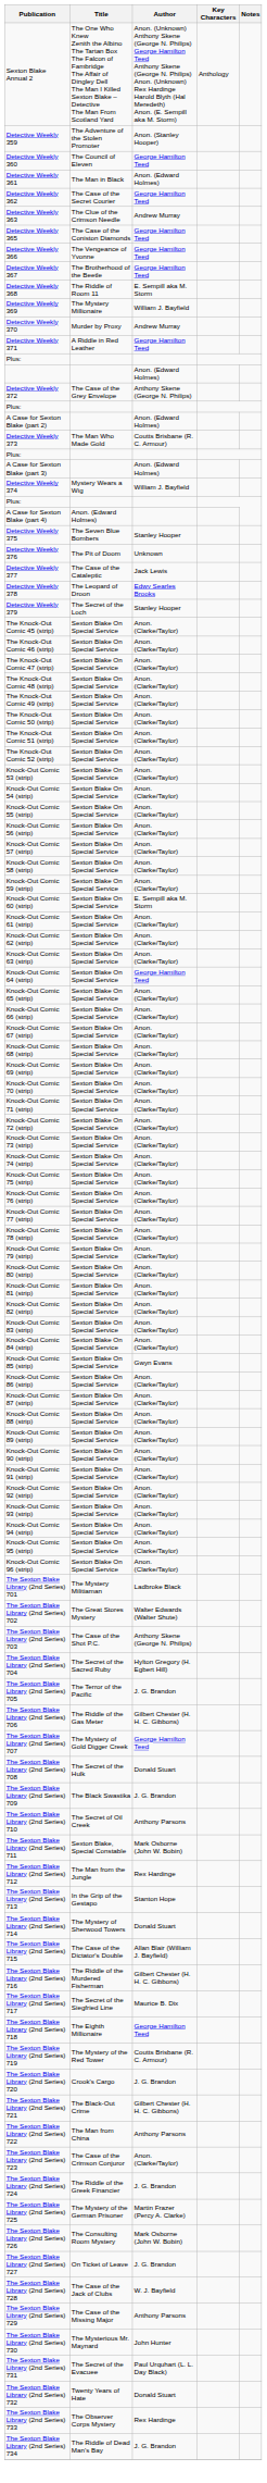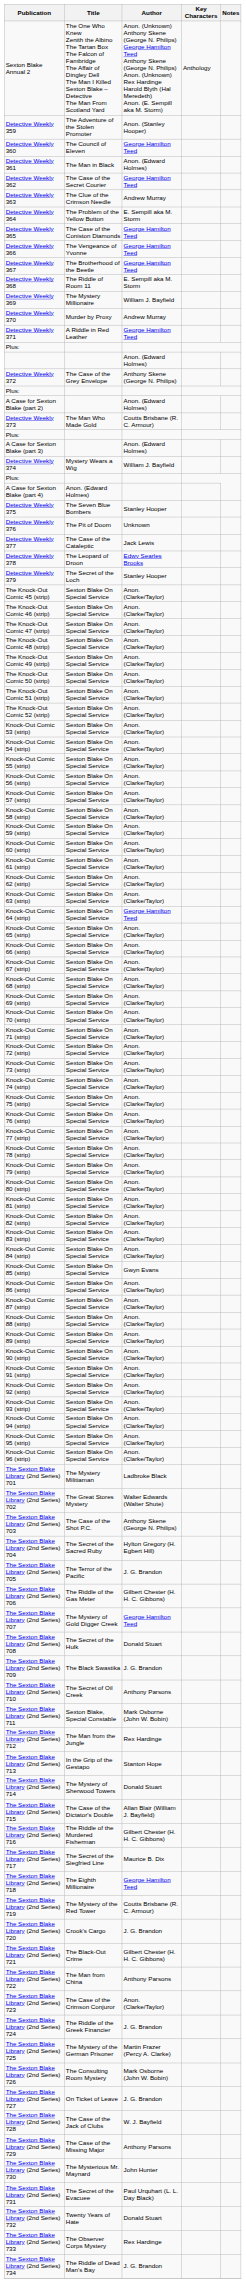 <table class="wikitable">
 <tr>
 <th>Publication</th>
 <th>Title</th>
 <th>Author</th>
 <th>Key Characters</th>
 <th>Notes</th>
 </tr>
 <tr>
 <td>Sexton Blake Annual 2</td>
 <td>The One Who Knew <br> Zenith the Albino <br> The Tartan Box <br> The Falcon of Fambridge <br> The Affair of Dingley Dell <br> The Man I Killed <br> Sexton Blake – Detective <br> The Man From Scotland Yard <br></td>
 <td>Anon. (Unknown) <br> Anthony Skene (George N. Philips) <br> <a href='#'>George Hamilton Teed</a> <br> Anthony Skene (George N. Philips) <br> Anon. (Unknown) <br> Rex Hardinge <br> Harold Blyth (Hal Meredeth) <br> Anon. (E. Sempill aka M. Storm)</td>
 <td>Anthology</td>
 <td></td>
 </tr>
 <tr>
 <td><a href='#'>Detective Weekly</a> 359</td>
 <td>The Adventure of the Stolen Promoter</td>
 <td>Anon. (Stanley Hooper)</td>
 <td></td>
 <td></td>
 </tr>
 <tr>
 <td><a href='#'>Detective Weekly</a> 360</td>
 <td>The Council of Eleven</td>
 <td><a href='#'>George Hamilton Teed</a></td>
 <td></td>
 <td></td>
 </tr>
 <tr>
 <td><a href='#'>Detective Weekly</a> 361</td>
 <td>The Man in Black</td>
 <td>Anon. (Edward Holmes)</td>
 <td></td>
 <td></td>
 </tr>
 <tr>
 <td><a href='#'>Detective Weekly</a> 362</td>
 <td>The Case of the Secret Courier</td>
 <td><a href='#'>George Hamilton Teed</a></td>
 <td></td>
 <td></td>
 </tr>
 <tr>
 <td><a href='#'>Detective Weekly</a> 363</td>
 <td>The Clue of the Crimson Needle</td>
 <td>Andrew Murray</td>
+<td></td>
+<td></td>
+</tr>
+<tr>
+<td><a href='#'>Detective Weekly</a> 364</td>
+<td>The Problem of the Yellow Button</td>
+<td>E. Sempill aka M. Storm</td>
 <td></td>
 <td></td>
 </tr>
 <tr>
 <td><a href='#'>Detective Weekly</a> 365</td>
 <td>The Case of the Coniston Diamonds</td>
 <td><a href='#'>George Hamilton Teed</a></td>
 <td></td>
 <td></td>
 </tr>
 <tr>
 <td><a href='#'>Detective Weekly</a> 366</td>
 <td>The Vengeance of Yvonne</td>
 <td><a href='#'>George Hamilton Teed</a></td>
 <td></td>
 <td></td>
 </tr>
 <tr>
 <td><a href='#'>Detective Weekly</a> 367</td>
 <td>The Brotherhood of the Beetle</td>
 <td><a href='#'>George Hamilton Teed</a></td>
 <td></td>
 <td></td>
 </tr>
 <tr>
 <td><a href='#'>Detective Weekly</a> 368</td>
 <td>The Riddle of Room 11</td>
 <td>E. Sempill aka M. Storm</td>
 <td></td>
 <td></td>
 </tr>
 <tr>
 <td><a href='#'>Detective Weekly</a> 369</td>
 <td>The Mystery Millionaire</td>
 <td>William J. Bayfield</td>
 <td></td>
 <td></td>
 </tr>
 <tr>
 <td><a href='#'>Detective Weekly</a> 370</td>
 <td>Murder by Proxy</td>
 <td>Andrew Murray</td>
 <td></td>
 <td></td>
 </tr>
 <tr>
 <td><a href='#'>Detective Weekly</a> 371</td>
 <td>A Riddle in Red Leather</td>
 <td><a href='#'>George Hamilton Teed</a></td>
 <td></td>
 <td></td>
 </tr>
 <tr>
 <td>Plus:</td>
 <td></td>
 <td></td>
 </tr>
 <tr>
 <td></td>
 <td></td>
 <td>Anon. (Edward Holmes)</td>
 <td></td>
 <td></td>
 </tr>
 <tr>
 <td><a href='#'>Detective Weekly</a> 372</td>
 <td>The Case of the Grey Envelope</td>
 <td>Anthony Skene (George N. Philips)</td>
 <td></td>
 <td></td>
 </tr>
 <tr>
 <td>Plus:</td>
 <td></td>
 <td></td>
 </tr>
 <tr>
 <td>A Case for Sexton Blake (part 2)</td>
 <td></td>
 <td>Anon. (Edward Holmes)</td>
 <td></td>
 <td></td>
 </tr>
 <tr>
 <td><a href='#'>Detective Weekly</a> 373</td>
 <td>The Man Who Made Gold</td>
 <td>Coutts Brisbane (R. C. Armour)</td>
 <td></td>
 <td></td>
 </tr>
 <tr>
 <td>Plus:</td>
 <td></td>
 <td></td>
 </tr>
 <tr>
 <td>A Case for Sexton Blake (part 3)</td>
 <td></td>
 <td>Anon. (Edward Holmes)</td>
 <td></td>
 <td></td>
 </tr>
 <tr>
 <td><a href='#'>Detective Weekly</a> 374</td>
 <td>Mystery Wears a Wig</td>
 <td>William J. Bayfield</td>
 <td></td>
 <td></td>
 </tr>
 <tr>
 <td>Plus:</td>
 <td></td>
 <td></td>
 </tr>
 <tr>
 <td>A Case for Sexton Blake (part 4)</td>
 <td>Anon. (Edward Holmes)</td>
 <td></td>
 <td></td>
 </tr>
 <tr>
 <td><a href='#'>Detective Weekly</a> 375</td>
 <td>The Seven Blue Bombers</td>
 <td>Stanley Hooper</td>
 <td></td>
 <td></td>
 </tr>
 <tr>
 <td><a href='#'>Detective Weekly</a> 376</td>
 <td>The Pit of Doom</td>
 <td>Unknown</td>
 <td></td>
 <td></td>
 </tr>
 <tr>
 <td><a href='#'>Detective Weekly</a> 377</td>
 <td>The Case of the Cataleptic</td>
 <td>Jack Lewis</td>
 <td></td>
 <td></td>
 </tr>
 <tr>
 <td><a href='#'>Detective Weekly</a> 378</td>
 <td>The Leopard of Droon</td>
 <td><a href='#'>Edwy Searles Brooks</a></td>
 <td></td>
 <td></td>
 </tr>
 <tr>
 <td><a href='#'>Detective Weekly</a> 379</td>
 <td>The Secret of the Loch</td>
 <td>Stanley Hooper</td>
 <td></td>
 <td></td>
 </tr>
 <tr>
 <td>The Knock-Out Comic 45 (strip)</td>
 <td>Sexton Blake On Special Service</td>
 <td>Anon. (Clarke/Taylor)</td>
 <td></td>
 <td></td>
 </tr>
 <tr>
 <td>The Knock-Out Comic 46 (strip)</td>
 <td>Sexton Blake On Special Service</td>
 <td>Anon. (Clarke/Taylor)</td>
 <td></td>
 <td></td>
 </tr>
 <tr>
 <td>The Knock-Out Comic 47 (strip)</td>
 <td>Sexton Blake On Special Service</td>
 <td>Anon. (Clarke/Taylor)</td>
 <td></td>
 <td></td>
 </tr>
 <tr>
 <td>The Knock-Out Comic 48 (strip)</td>
 <td>Sexton Blake On Special Service</td>
 <td>Anon. (Clarke/Taylor)</td>
 <td></td>
 <td></td>
 </tr>
 <tr>
 <td>The Knock-Out Comic 49 (strip)</td>
 <td>Sexton Blake On Special Service</td>
 <td>Anon. (Clarke/Taylor)</td>
 <td></td>
 <td></td>
 </tr>
 <tr>
 <td>The Knock-Out Comic 50 (strip)</td>
 <td>Sexton Blake On Special Service</td>
 <td>Anon. (Clarke/Taylor)</td>
 <td></td>
 <td></td>
 </tr>
 <tr>
 <td>The Knock-Out Comic 51 (strip)</td>
 <td>Sexton Blake On Special Service</td>
 <td>Anon. (Clarke/Taylor)</td>
 <td></td>
 <td></td>
 </tr>
 <tr>
 <td>The Knock-Out Comic 52 (strip)</td>
 <td>Sexton Blake On Special Service</td>
 <td>Anon. (Clarke/Taylor)</td>
 <td></td>
 <td></td>
 </tr>
 <tr>
 <td>Knock-Out Comic 53 (strip)</td>
 <td>Sexton Blake On Special Service</td>
 <td>Anon. (Clarke/Taylor)</td>
 <td></td>
 <td></td>
 </tr>
 <tr>
 <td>Knock-Out Comic 54 (strip)</td>
 <td>Sexton Blake On Special Service</td>
 <td>Anon. (Clarke/Taylor)</td>
 <td></td>
 <td></td>
 </tr>
 <tr>
 <td>Knock-Out Comic 55 (strip)</td>
 <td>Sexton Blake On Special Service</td>
 <td>Anon. (Clarke/Taylor)</td>
 <td></td>
 <td></td>
 </tr>
 <tr>
 <td>Knock-Out Comic 56 (strip)</td>
 <td>Sexton Blake On Special Service</td>
 <td>Anon. (Clarke/Taylor)</td>
 <td></td>
 <td></td>
 </tr>
 <tr>
 <td>Knock-Out Comic 57 (strip)</td>
 <td>Sexton Blake On Special Service</td>
 <td>Anon. (Clarke/Taylor)</td>
 <td></td>
 <td></td>
 </tr>
 <tr>
 <td>Knock-Out Comic 58 (strip)</td>
 <td>Sexton Blake On Special Service</td>
 <td>Anon. (Clarke/Taylor)</td>
 <td></td>
 <td></td>
 </tr>
 <tr>
 <td>Knock-Out Comic 59 (strip)</td>
 <td>Sexton Blake On Special Service</td>
 <td>Anon. (Clarke/Taylor)</td>
 <td></td>
 <td></td>
 </tr>
 <tr>
 <td>Knock-Out Comic 60 (strip)</td>
 <td>Sexton Blake On Special Service</td>
-<td>E. Sempill aka M. Storm</td>
+<td>Anon. (Clarke/Taylor)</td>
 <td></td>
 <td></td>
 </tr>
 <tr>
 <td>Knock-Out Comic 61 (strip)</td>
 <td>Sexton Blake On Special Service</td>
 <td>Anon. (Clarke/Taylor)</td>
 <td></td>
 <td></td>
 </tr>
 <tr>
 <td>Knock-Out Comic 62 (strip)</td>
 <td>Sexton Blake On Special Service</td>
 <td>Anon. (Clarke/Taylor)</td>
 <td></td>
 <td></td>
 </tr>
 <tr>
 <td>Knock-Out Comic 63 (strip)</td>
 <td>Sexton Blake On Special Service</td>
 <td>Anon. (Clarke/Taylor)</td>
 <td></td>
 <td></td>
 </tr>
 <tr>
 <td>Knock-Out Comic 64 (strip)</td>
 <td>Sexton Blake On Special Service</td>
 <td><a href='#'>George Hamilton Teed</a></td>
 <td></td>
 <td></td>
 </tr>
 <tr>
 <td>Knock-Out Comic 65 (strip)</td>
 <td>Sexton Blake On Special Service</td>
 <td>Anon. (Clarke/Taylor)</td>
 <td></td>
 <td></td>
 </tr>
 <tr>
 <td>Knock-Out Comic 66 (strip)</td>
 <td>Sexton Blake On Special Service</td>
 <td>Anon. (Clarke/Taylor)</td>
 <td></td>
 <td></td>
 </tr>
 <tr>
 <td>Knock-Out Comic 67 (strip)</td>
 <td>Sexton Blake On Special Service</td>
 <td>Anon. (Clarke/Taylor)</td>
 <td></td>
 <td></td>
 </tr>
 <tr>
 <td>Knock-Out Comic 68 (strip)</td>
 <td>Sexton Blake On Special Service</td>
 <td>Anon. (Clarke/Taylor)</td>
 <td></td>
 <td></td>
 </tr>
 <tr>
 <td>Knock-Out Comic 69 (strip)</td>
 <td>Sexton Blake On Special Service</td>
 <td>Anon. (Clarke/Taylor)</td>
 <td></td>
 <td></td>
 </tr>
 <tr>
 <td>Knock-Out Comic 70 (strip)</td>
 <td>Sexton Blake On Special Service</td>
 <td>Anon. (Clarke/Taylor)</td>
 <td></td>
 <td></td>
 </tr>
 <tr>
 <td>Knock-Out Comic 71 (strip)</td>
 <td>Sexton Blake On Special Service</td>
 <td>Anon. (Clarke/Taylor)</td>
 <td></td>
 <td></td>
 </tr>
 <tr>
 <td>Knock-Out Comic 72 (strip)</td>
 <td>Sexton Blake On Special Service</td>
 <td>Anon. (Clarke/Taylor)</td>
 <td></td>
 <td></td>
 </tr>
 <tr>
 <td>Knock-Out Comic 73 (strip)</td>
 <td>Sexton Blake On Special Service</td>
 <td>Anon. (Clarke/Taylor)</td>
 <td></td>
 <td></td>
 </tr>
 <tr>
 <td>Knock-Out Comic 74 (strip)</td>
 <td>Sexton Blake On Special Service</td>
 <td>Anon. (Clarke/Taylor)</td>
 <td></td>
 <td></td>
 </tr>
 <tr>
 <td>Knock-Out Comic 75 (strip)</td>
 <td>Sexton Blake On Special Service</td>
 <td>Anon. (Clarke/Taylor)</td>
 <td></td>
 <td></td>
 </tr>
 <tr>
 <td>Knock-Out Comic 76 (strip)</td>
 <td>Sexton Blake On Special Service</td>
 <td>Anon. (Clarke/Taylor)</td>
 <td></td>
 <td></td>
 </tr>
 <tr>
 <td>Knock-Out Comic 77 (strip)</td>
 <td>Sexton Blake On Special Service</td>
 <td>Anon. (Clarke/Taylor)</td>
 <td></td>
 <td></td>
 </tr>
 <tr>
 <td>Knock-Out Comic 78 (strip)</td>
 <td>Sexton Blake On Special Service</td>
 <td>Anon. (Clarke/Taylor)</td>
 <td></td>
 <td></td>
 </tr>
 <tr>
 <td>Knock-Out Comic 79 (strip)</td>
 <td>Sexton Blake On Special Service</td>
 <td>Anon. (Clarke/Taylor)</td>
 <td></td>
 <td></td>
 </tr>
 <tr>
 <td>Knock-Out Comic 80 (strip)</td>
 <td>Sexton Blake On Special Service</td>
 <td>Anon. (Clarke/Taylor)</td>
 <td></td>
 <td></td>
 </tr>
 <tr>
 <td>Knock-Out Comic 81 (strip)</td>
 <td>Sexton Blake On Special Service</td>
 <td>Anon. (Clarke/Taylor)</td>
 <td></td>
 <td></td>
 </tr>
 <tr>
 <td>Knock-Out Comic 82 (strip)</td>
 <td>Sexton Blake On Special Service</td>
 <td>Anon. (Clarke/Taylor)</td>
 <td></td>
 <td></td>
 </tr>
 <tr>
 <td>Knock-Out Comic 83 (strip)</td>
 <td>Sexton Blake On Special Service</td>
 <td>Anon. (Clarke/Taylor)</td>
 <td></td>
 <td></td>
 </tr>
 <tr>
 <td>Knock-Out Comic 84 (strip)</td>
 <td>Sexton Blake On Special Service</td>
 <td>Anon. (Clarke/Taylor)</td>
 <td></td>
 <td></td>
 </tr>
 <tr>
 <td>Knock-Out Comic 85 (strip)</td>
 <td>Sexton Blake On Special Service</td>
 <td>Gwyn Evans</td>
 <td></td>
 <td></td>
 </tr>
 <tr>
 <td>Knock-Out Comic 86 (strip)</td>
 <td>Sexton Blake On Special Service</td>
 <td>Anon. (Clarke/Taylor)</td>
 <td></td>
 <td></td>
 </tr>
 <tr>
 <td>Knock-Out Comic 87 (strip)</td>
 <td>Sexton Blake On Special Service</td>
 <td>Anon. (Clarke/Taylor)</td>
 <td></td>
 <td></td>
 </tr>
 <tr>
 <td>Knock-Out Comic 88 (strip)</td>
 <td>Sexton Blake On Special Service</td>
 <td>Anon. (Clarke/Taylor)</td>
 <td></td>
 <td></td>
 </tr>
 <tr>
 <td>Knock-Out Comic 89 (strip)</td>
 <td>Sexton Blake On Special Service</td>
 <td>Anon. (Clarke/Taylor)</td>
 <td></td>
 <td></td>
 </tr>
 <tr>
 <td>Knock-Out Comic 90 (strip)</td>
 <td>Sexton Blake On Special Service</td>
 <td>Anon. (Clarke/Taylor)</td>
 <td></td>
 <td></td>
 </tr>
 <tr>
 <td>Knock-Out Comic 91 (strip)</td>
 <td>Sexton Blake On Special Service</td>
 <td>Anon. (Clarke/Taylor)</td>
 <td></td>
 <td></td>
 </tr>
 <tr>
 <td>Knock-Out Comic 92 (strip)</td>
 <td>Sexton Blake On Special Service</td>
 <td>Anon. (Clarke/Taylor)</td>
 <td></td>
 <td></td>
 </tr>
 <tr>
 <td>Knock-Out Comic 93 (strip)</td>
 <td>Sexton Blake On Special Service</td>
 <td>Anon. (Clarke/Taylor)</td>
 <td></td>
 <td></td>
 </tr>
 <tr>
 <td>Knock-Out Comic 94 (strip)</td>
 <td>Sexton Blake On Special Service</td>
 <td>Anon. (Clarke/Taylor)</td>
 <td></td>
 <td></td>
 </tr>
 <tr>
 <td>Knock-Out Comic 95 (strip)</td>
 <td>Sexton Blake On Special Service</td>
 <td>Anon. (Clarke/Taylor)</td>
 <td></td>
 <td></td>
 </tr>
 <tr>
 <td>Knock-Out Comic 96 (strip)</td>
 <td>Sexton Blake On Special Service</td>
 <td>Anon. (Clarke/Taylor)</td>
 <td></td>
 <td></td>
 </tr>
 <tr>
 <td><a href='#'>The Sexton Blake Library</a> (2nd Series) 701</td>
 <td>The Mystery Militiaman</td>
 <td>Ladbroke Black</td>
 <td></td>
 <td></td>
 </tr>
 <tr>
 <td><a href='#'>The Sexton Blake Library</a> (2nd Series) 702</td>
 <td>The Great Stores Mystery</td>
 <td>Walter Edwards (Walter Shute)</td>
 <td></td>
 <td></td>
 </tr>
 <tr>
 <td><a href='#'>The Sexton Blake Library</a> (2nd Series) 703</td>
 <td>The Case of the Shot P.C.</td>
 <td>Anthony Skene (George N. Philips)</td>
 <td></td>
 <td></td>
 </tr>
 <tr>
 <td><a href='#'>The Sexton Blake Library</a> (2nd Series) 704</td>
 <td>The Secret of the Sacred Ruby</td>
 <td>Hylton Gregory (H. Egbert Hill)</td>
 <td></td>
 <td></td>
 </tr>
 <tr>
 <td><a href='#'>The Sexton Blake Library</a> (2nd Series) 705</td>
 <td>The Terror of the Pacific</td>
 <td>J. G. Brandon</td>
 <td></td>
 <td></td>
 </tr>
 <tr>
 <td><a href='#'>The Sexton Blake Library</a> (2nd Series) 706</td>
 <td>The Riddle of the Gas Meter</td>
 <td>Gilbert Chester (H. H. C. Gibbons)</td>
 <td></td>
 <td></td>
 </tr>
 <tr>
 <td><a href='#'>The Sexton Blake Library</a> (2nd Series) 707</td>
 <td>The Mystery of Gold Digger Creek</td>
 <td><a href='#'>George Hamilton Teed</a></td>
 <td></td>
 <td></td>
 </tr>
 <tr>
 <td><a href='#'>The Sexton Blake Library</a> (2nd Series) 708</td>
 <td>The Secret of the Hulk</td>
 <td>Donald Stuart</td>
 <td></td>
 <td></td>
 </tr>
 <tr>
 <td><a href='#'>The Sexton Blake Library</a> (2nd Series) 709</td>
 <td>The Black Swastika</td>
 <td>J. G. Brandon</td>
 <td></td>
 <td></td>
 </tr>
 <tr>
 <td><a href='#'>The Sexton Blake Library</a> (2nd Series) 710</td>
 <td>The Secret of Oil Creek</td>
 <td>Anthony Parsons</td>
 <td></td>
 <td></td>
 </tr>
 <tr>
 <td><a href='#'>The Sexton Blake Library</a> (2nd Series) 711</td>
 <td>Sexton Blake, Special Constable</td>
 <td>Mark Osborne (John W. Bobin)</td>
 <td></td>
 <td></td>
 </tr>
 <tr>
 <td><a href='#'>The Sexton Blake Library</a> (2nd Series) 712</td>
 <td>The Man from the Jungle</td>
 <td>Rex Hardinge</td>
 <td></td>
 <td></td>
 </tr>
 <tr>
 <td><a href='#'>The Sexton Blake Library</a> (2nd Series) 713</td>
 <td>In the Grip of the Gestapo</td>
 <td>Stanton Hope</td>
 <td></td>
 <td></td>
 </tr>
 <tr>
 <td><a href='#'>The Sexton Blake Library</a> (2nd Series) 714</td>
 <td>The Mystery of Sherwood Towers</td>
 <td>Donald Stuart</td>
 <td></td>
 <td></td>
 </tr>
 <tr>
 <td><a href='#'>The Sexton Blake Library</a> (2nd Series) 715</td>
 <td>The Case of the Dictator's Double</td>
 <td>Allan Blair (William J. Bayfield)</td>
 <td></td>
 <td></td>
 </tr>
 <tr>
 <td><a href='#'>The Sexton Blake Library</a> (2nd Series) 716</td>
 <td>The Riddle of the Murdered Fisherman</td>
 <td>Gilbert Chester (H. H. C. Gibbons)</td>
 <td></td>
 <td></td>
 </tr>
 <tr>
 <td><a href='#'>The Sexton Blake Library</a> (2nd Series) 717</td>
 <td>The Secret of the Siegfried Line</td>
 <td>Maurice B. Dix</td>
 <td></td>
 <td></td>
 </tr>
 <tr>
 <td><a href='#'>The Sexton Blake Library</a> (2nd Series) 718</td>
 <td>The Eighth Millionaire</td>
 <td><a href='#'>George Hamilton Teed</a></td>
 <td></td>
 <td></td>
 </tr>
 <tr>
 <td><a href='#'>The Sexton Blake Library</a> (2nd Series) 719</td>
 <td>The Mystery of the Red Tower</td>
 <td>Coutts Brisbane (R. C. Armour)</td>
 <td></td>
 <td></td>
 </tr>
 <tr>
 <td><a href='#'>The Sexton Blake Library</a> (2nd Series) 720</td>
 <td>Crook's Cargo</td>
 <td>J. G. Brandon</td>
 <td></td>
 <td></td>
 </tr>
 <tr>
 <td><a href='#'>The Sexton Blake Library</a> (2nd Series) 721</td>
 <td>The Black-Out Crime</td>
 <td>Gilbert Chester (H. H. C. Gibbons)</td>
 <td></td>
 <td></td>
 </tr>
 <tr>
 <td><a href='#'>The Sexton Blake Library</a> (2nd Series) 722</td>
 <td>The Man from China</td>
 <td>Anthony Parsons</td>
 <td></td>
 <td></td>
 </tr>
 <tr>
 <td><a href='#'>The Sexton Blake Library</a> (2nd Series) 723</td>
 <td>The Case of the Crimson Conjuror</td>
 <td>Anon. (Clarke/Taylor)</td>
 <td></td>
 <td></td>
 </tr>
 <tr>
 <td><a href='#'>The Sexton Blake Library</a> (2nd Series) 724</td>
 <td>The Riddle of the Greek Financier</td>
 <td>J. G. Brandon</td>
 <td></td>
 <td></td>
 </tr>
 <tr>
 <td><a href='#'>The Sexton Blake Library</a> (2nd Series) 725</td>
 <td>The Mystery of the German Prisoner</td>
 <td>Martin Frazer (Percy A. Clarke)</td>
 <td></td>
 <td></td>
 </tr>
 <tr>
 <td><a href='#'>The Sexton Blake Library</a> (2nd Series) 726</td>
 <td>The Consulting Room Mystery</td>
 <td>Mark Osborne (John W. Bobin)</td>
 <td></td>
 <td></td>
 </tr>
 <tr>
 <td><a href='#'>The Sexton Blake Library</a> (2nd Series) 727</td>
 <td>On Ticket of Leave</td>
 <td>J. G. Brandon</td>
 <td></td>
 <td></td>
 </tr>
 <tr>
 <td><a href='#'>The Sexton Blake Library</a> (2nd Series) 728</td>
 <td>The Case of the Jack of Clubs</td>
 <td>W. J. Bayfield</td>
 <td></td>
 <td></td>
 </tr>
 <tr>
 <td><a href='#'>The Sexton Blake Library</a> (2nd Series) 729</td>
 <td>The Case of the Missing Major</td>
 <td>Anthony Parsons</td>
 <td></td>
 <td></td>
 </tr>
 <tr>
 <td><a href='#'>The Sexton Blake Library</a> (2nd Series) 730</td>
 <td>The Mysterious Mr. Maynard</td>
 <td>John Hunter</td>
 <td></td>
 <td></td>
 </tr>
 <tr>
 <td><a href='#'>The Sexton Blake Library</a> (2nd Series) 731</td>
 <td>The Secret of the Evacuee</td>
 <td>Paul Urquhart (L. L. Day Black)</td>
 <td></td>
 <td></td>
 </tr>
 <tr>
 <td><a href='#'>The Sexton Blake Library</a> (2nd Series) 732</td>
 <td>Twenty Years of Hate</td>
 <td>Donald Stuart</td>
 <td></td>
 <td></td>
 </tr>
 <tr>
 <td><a href='#'>The Sexton Blake Library</a> (2nd Series) 733</td>
 <td>The Observer Corps Mystery</td>
 <td>Rex Hardinge</td>
 <td></td>
 <td></td>
 </tr>
 <tr>
 <td><a href='#'>The Sexton Blake Library</a> (2nd Series) 734</td>
 <td>The Riddle of Dead Man's Bay</td>
 <td>J. G. Brandon</td>
 <td></td>
 <td></td>
 </tr>
 <tr>
 </tr>
 </table>
